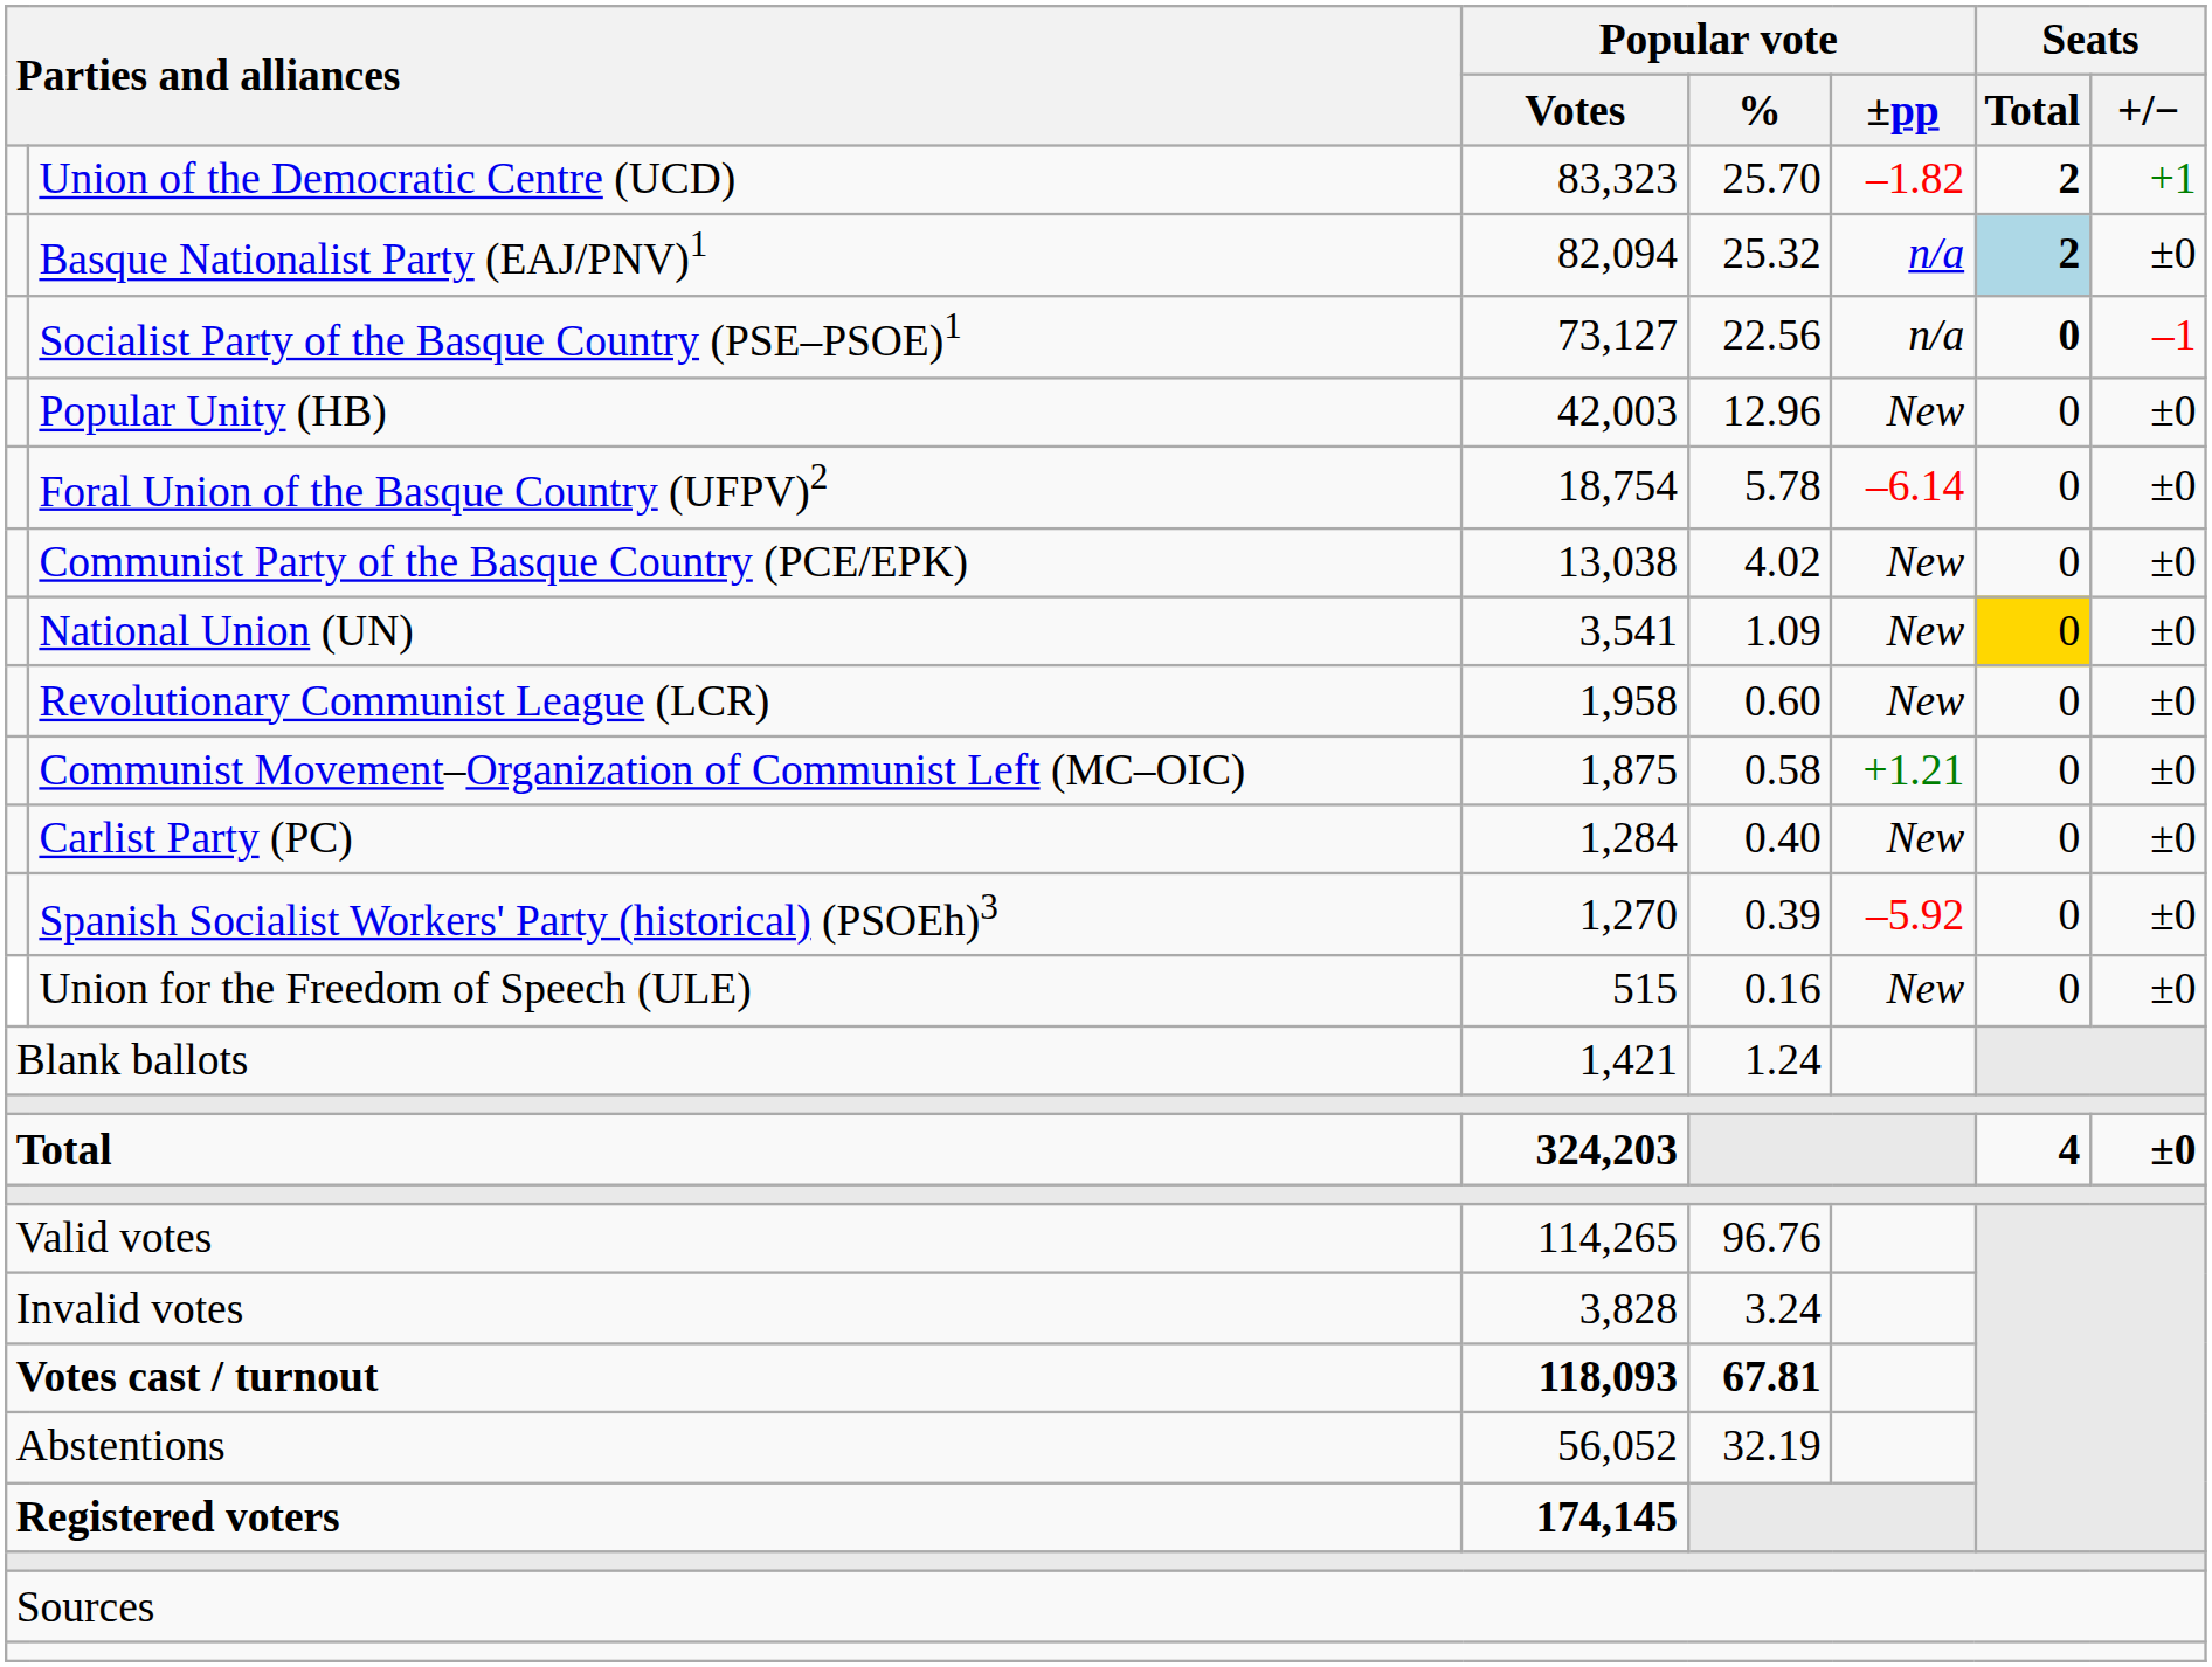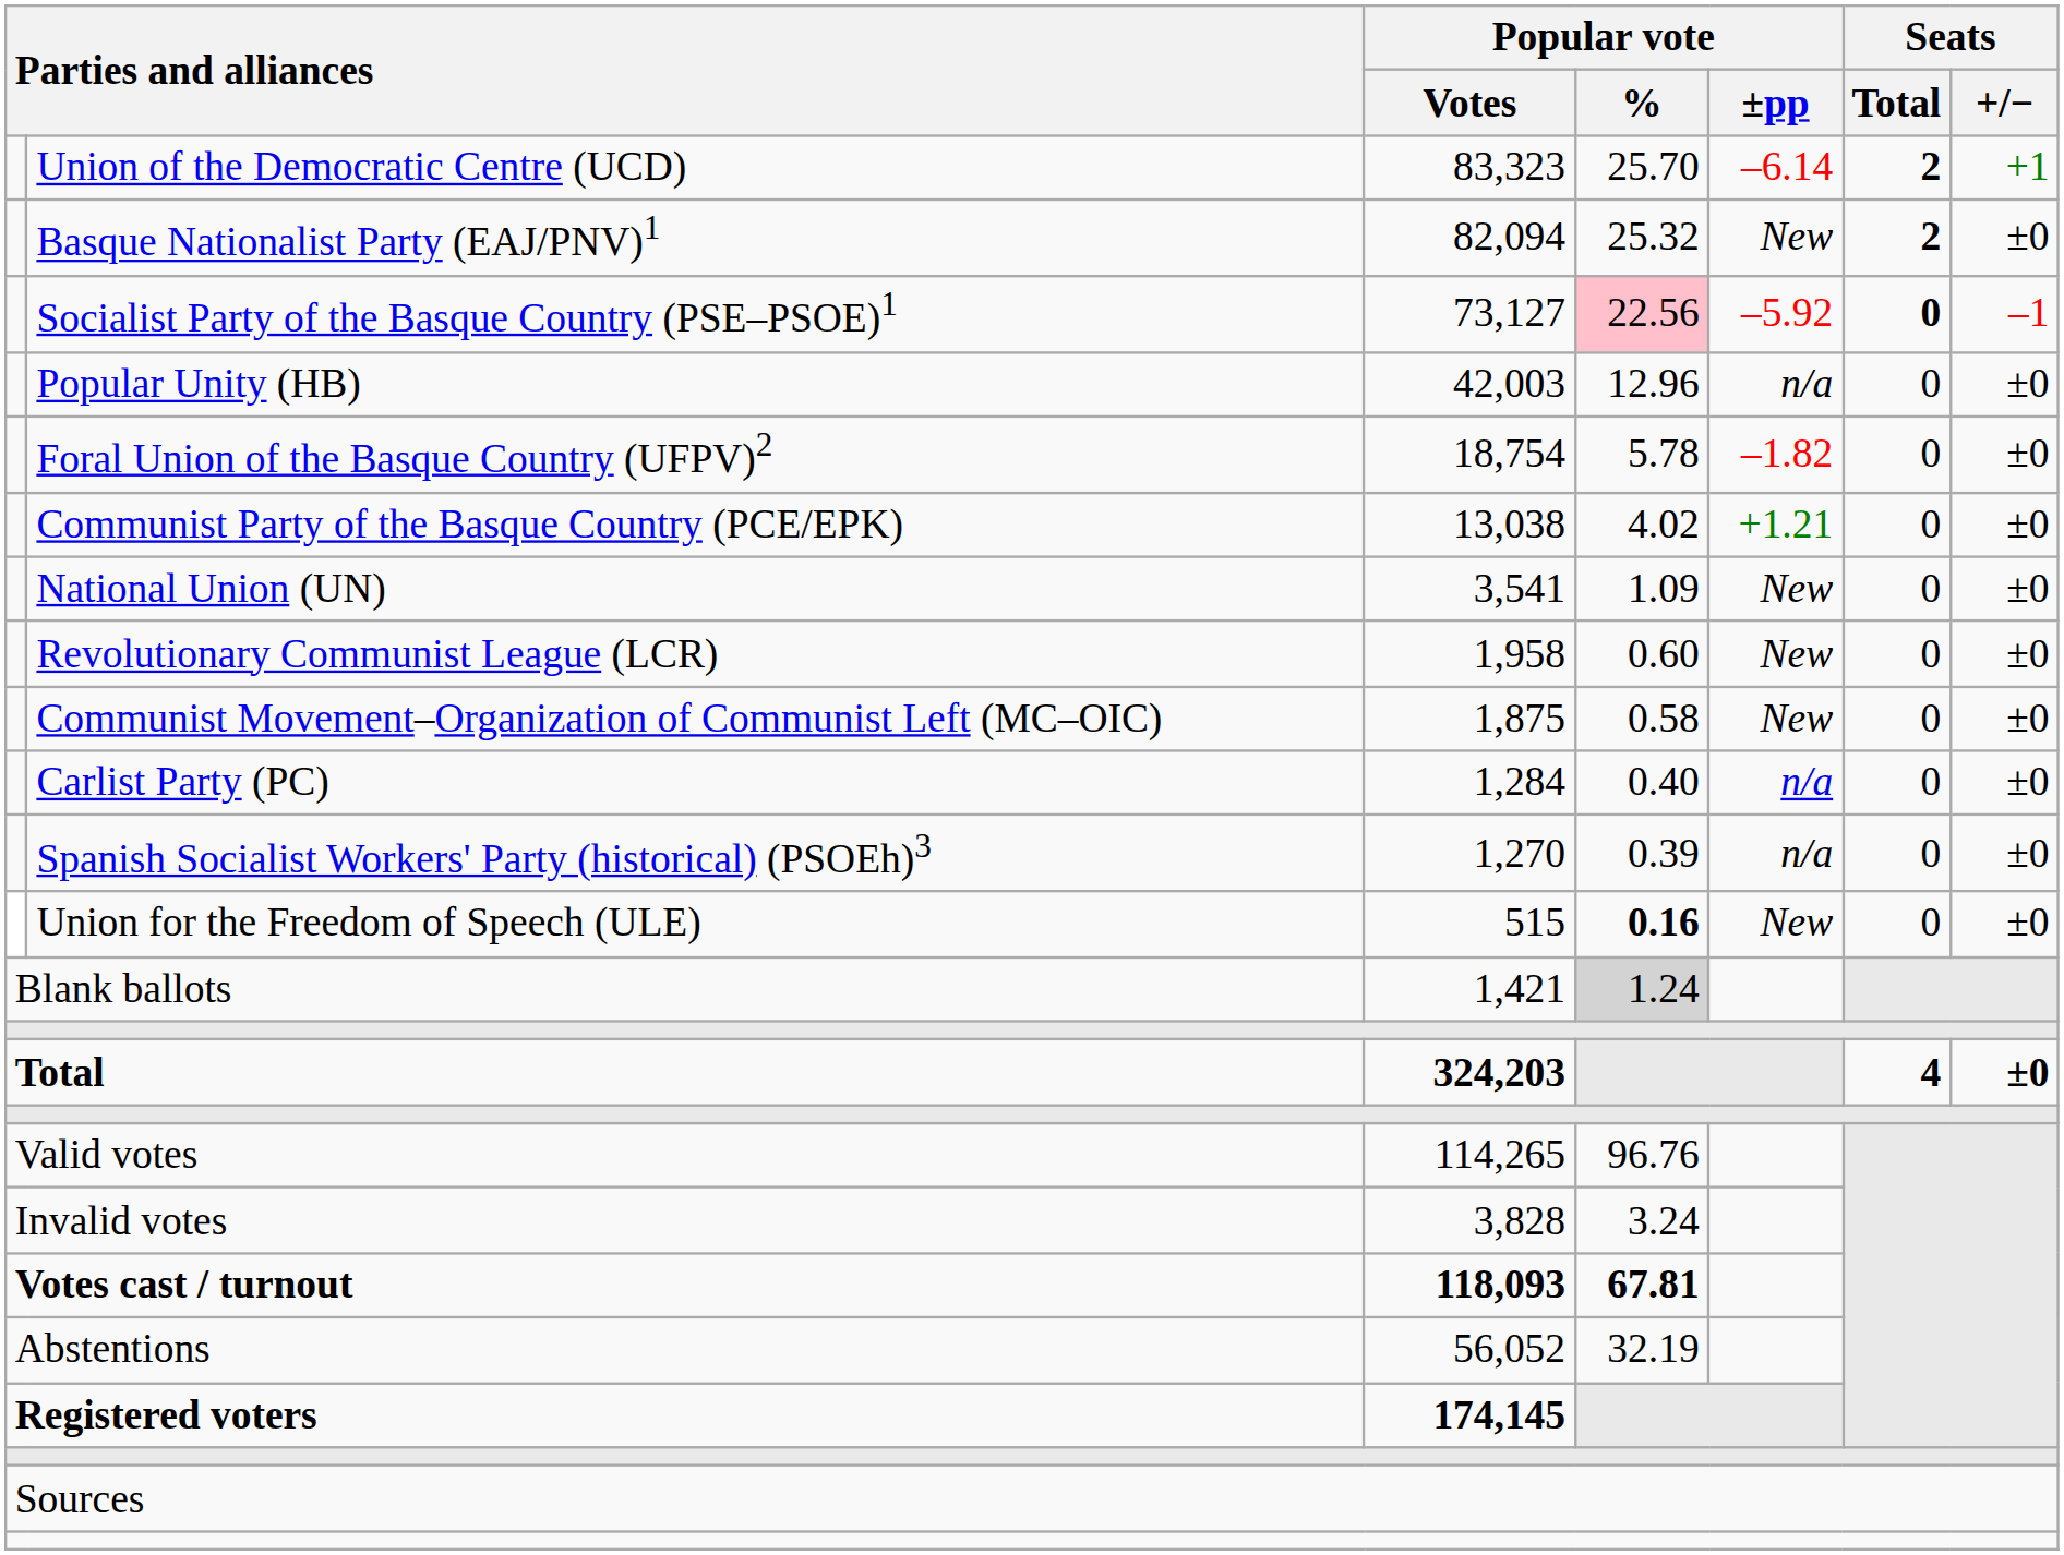 <table class="wikitable" style="text-align:right;">
 <tr>
 <th style="text-align:left;" rowspan="2" colspan="2" width="525">Parties and alliances</th>
 <th colspan="3">Popular vote</th>
 <th colspan="2">Seats</th>
 </tr>
 <tr>
 <th width="75">Votes</th>
 <th width="45">%</th>
 <th width="45">±<a href='#'>pp</a></th>
 <th width="35">Total</th>
 <th width="35">+/−</th>
 </tr>
 <tr>
 <td width="1" style="color:inherit;background:"></td>
 <td align="left"><a href='#'>Union of the Democratic Centre</a> (UCD)</td>
 <td>83,323</td>
 <td>25.70</td>
-<td style="color:red;">–1.82</td>
+<td style="color:red;">–6.14</td>
 <td><strong>2</strong></td>
 <td style="color:green;">+1</td>
 </tr>
 <tr>
 <td style="color:inherit;background:"></td>
 <td align="left"><a href='#'>Basque Nationalist Party</a> (EAJ/PNV)<sup>1</sup></td>
 <td>82,094</td>
 <td>25.32</td>
-<td><em><a href='#'>n/a</a></em></td>
-<td style="background: lightblue;"><strong>2</strong></td>
+<td><em>New</em></td>
+<td><strong>2</strong></td>
 <td>±0</td>
 </tr>
 <tr>
 <td style="color:inherit;background:"></td>
 <td align="left"><a href='#'>Socialist Party of the Basque Country</a> (PSE–PSOE)<sup>1</sup></td>
 <td>73,127</td>
-<td>22.56</td>
-<td><em>n/a</em></td>
+<td style="background: pink;">22.56</td>
+<td style="color:red;">–5.92</td>
 <td><strong>0</strong></td>
 <td style="color:red;">–1</td>
 </tr>
 <tr>
 <td style="color:inherit;background:"></td>
 <td align="left"><a href='#'>Popular Unity</a> (HB)</td>
 <td>42,003</td>
 <td>12.96</td>
-<td><em>New</em></td>
+<td><em>n/a</em></td>
 <td>0</td>
 <td>±0</td>
 </tr>
 <tr>
 <td style="color:inherit;background:"></td>
 <td align="left"><a href='#'>Foral Union of the Basque Country</a> (UFPV)<sup>2</sup></td>
 <td>18,754</td>
 <td>5.78</td>
-<td style="color:red;">–6.14</td>
+<td style="color:red;">–1.82</td>
 <td>0</td>
 <td>±0</td>
 </tr>
 <tr>
 <td style="color:inherit;background:"></td>
 <td align="left"><a href='#'>Communist Party of the Basque Country</a> (PCE/EPK)</td>
 <td>13,038</td>
 <td>4.02</td>
-<td><em>New</em></td>
+<td style="color:green;">+1.21</td>
 <td>0</td>
 <td>±0</td>
 </tr>
 <tr>
 <td style="color:inherit;background:"></td>
 <td align="left"><a href='#'>National Union</a> (UN)</td>
 <td>3,541</td>
 <td>1.09</td>
 <td><em>New</em></td>
-<td style="background: gold;">0</td>
+<td>0</td>
 <td>±0</td>
 </tr>
 <tr>
 <td style="color:inherit;background:"></td>
 <td align="left"><a href='#'>Revolutionary Communist League</a> (LCR)</td>
 <td>1,958</td>
 <td>0.60</td>
 <td><em>New</em></td>
 <td>0</td>
 <td>±0</td>
 </tr>
 <tr>
 <td style="color:inherit;background:"></td>
 <td align="left"><a href='#'>Communist Movement</a>–<a href='#'>Organization of Communist Left</a> (MC–OIC)</td>
 <td>1,875</td>
 <td>0.58</td>
-<td style="color:green;">+1.21</td>
+<td><em>New</em></td>
 <td>0</td>
 <td>±0</td>
 </tr>
 <tr>
 <td style="color:inherit;background:"></td>
 <td align="left"><a href='#'>Carlist Party</a> (PC)</td>
 <td>1,284</td>
 <td>0.40</td>
-<td><em>New</em></td>
+<td><em><a href='#'>n/a</a></em></td>
 <td>0</td>
 <td>±0</td>
 </tr>
 <tr>
 <td style="color:inherit;background:"></td>
 <td align="left"><a href='#'>Spanish Socialist Workers' Party (historical)</a> (PSOEh)<sup>3</sup></td>
 <td>1,270</td>
 <td>0.39</td>
-<td style="color:red;">–5.92</td>
+<td><em>n/a</em></td>
 <td>0</td>
 <td>±0</td>
 </tr>
 <tr>
 <td bgcolor="white"></td>
 <td align="left">Union for the Freedom of Speech (ULE)</td>
 <td>515</td>
-<td>0.16</td>
+<td><strong>0.16</strong></td>
 <td><em>New</em></td>
 <td>0</td>
 <td>±0</td>
 </tr>
 <tr>
 <td align="left" colspan="2">Blank ballots</td>
 <td>1,421</td>
-<td>1.24</td>
+<td style="background: lightgrey;">1.24</td>
 <td></td>
 <td bgcolor="#E9E9E9" colspan="2"></td>
 </tr>
 <tr>
 <td colspan="7" bgcolor="#E9E9E9"></td>
 </tr>
 <tr style="font-weight:bold;">
 <td align="left" colspan="2">Total</td>
 <td>324,203</td>
 <td bgcolor="#E9E9E9" colspan="2"></td>
 <td>4</td>
 <td>±0</td>
 </tr>
 <tr>
 <td colspan="7" bgcolor="#E9E9E9"></td>
 </tr>
 <tr>
 <td align="left" colspan="2">Valid votes</td>
 <td>114,265</td>
 <td>96.76</td>
 <td></td>
 <td bgcolor="#E9E9E9" colspan="2" rowspan="5"></td>
 </tr>
 <tr>
 <td align="left" colspan="2">Invalid votes</td>
 <td>3,828</td>
 <td>3.24</td>
 <td></td>
 </tr>
 <tr style="font-weight:bold;">
 <td align="left" colspan="2">Votes cast / turnout</td>
 <td>118,093</td>
 <td>67.81</td>
 <td></td>
 </tr>
 <tr>
 <td align="left" colspan="2">Abstentions</td>
 <td>56,052</td>
 <td>32.19</td>
 <td></td>
 </tr>
 <tr style="font-weight:bold;">
 <td align="left" colspan="2">Registered voters</td>
 <td>174,145</td>
 <td bgcolor="#E9E9E9" colspan="2"></td>
 </tr>
 <tr>
 <td colspan="7" bgcolor="#E9E9E9"></td>
 </tr>
 <tr>
 <td align="left" colspan="7">Sources</td>
 </tr>
 <tr>
 <td colspan="7" style="text-align:left; max-width:790px;"></td>
 </tr>
 </table>
